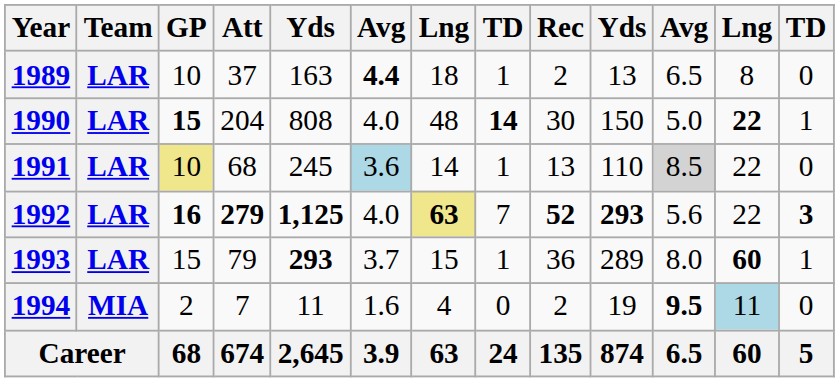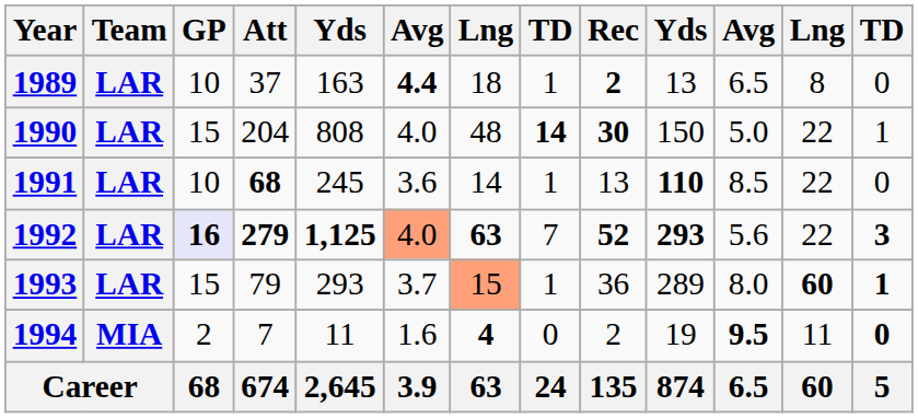 <table class="wikitable" style="text-align:center;">
 <tr>
 <th>Year</th>
 <th>Team</th>
 <th>GP</th>
 <th>Att</th>
 <th>Yds</th>
 <th>Avg</th>
 <th>Lng</th>
 <th>TD</th>
 <th>Rec</th>
 <th>Yds</th>
 <th>Avg</th>
 <th>Lng</th>
 <th>TD</th>
 </tr>
 <tr>
 <th><a href='#'>1989</a></th>
 <th><a href='#'>LAR</a></th>
 <td>10</td>
 <td>37</td>
 <td>163</td>
 <td><strong>4.4</strong></td>
 <td>18</td>
 <td>1</td>
-<td>2</td>
+<td><strong>2</strong></td>
 <td>13</td>
 <td>6.5</td>
 <td>8</td>
 <td>0</td>
 </tr>
 <tr>
 <th><a href='#'>1990</a></th>
 <th><a href='#'>LAR</a></th>
-<td><strong>15</strong></td>
+<td>15</td>
 <td>204</td>
 <td>808</td>
 <td>4.0</td>
 <td>48</td>
 <td><strong>14</strong></td>
-<td>30</td>
+<td><strong>30</strong></td>
 <td>150</td>
 <td>5.0</td>
-<td><strong>22</strong></td>
+<td>22</td>
 <td>1</td>
 </tr>
 <tr>
 <th><a href='#'>1991</a></th>
 <th><a href='#'>LAR</a></th>
-<td style="background: khaki;">10</td>
-<td>68</td>
+<td>10</td>
+<td><strong>68</strong></td>
 <td>245</td>
-<td style="background: lightblue;">3.6</td>
+<td>3.6</td>
 <td>14</td>
 <td>1</td>
 <td>13</td>
-<td>110</td>
-<td style="background: lightgrey;">8.5</td>
+<td><strong>110</strong></td>
+<td>8.5</td>
 <td>22</td>
 <td>0</td>
 </tr>
 <tr>
 <th><a href='#'>1992</a></th>
 <th><a href='#'>LAR</a></th>
-<td><strong>16</strong></td>
+<td style="background: lavender;"><strong>16</strong></td>
 <td><strong>279</strong></td>
 <td><strong>1,125</strong></td>
-<td>4.0</td>
-<td style="background: khaki;"><strong>63</strong></td>
+<td style="background: lightsalmon;">4.0</td>
+<td><strong>63</strong></td>
 <td>7</td>
 <td><strong>52</strong></td>
 <td><strong>293</strong></td>
 <td>5.6</td>
 <td>22</td>
 <td><strong>3</strong></td>
 </tr>
 <tr>
 <th><a href='#'>1993</a></th>
 <th><a href='#'>LAR</a></th>
 <td>15</td>
 <td>79</td>
-<td><strong>293</strong></td>
+<td>293</td>
 <td>3.7</td>
-<td>15</td>
+<td style="background: lightsalmon;">15</td>
 <td>1</td>
 <td>36</td>
 <td>289</td>
 <td>8.0</td>
 <td><strong>60</strong></td>
-<td>1</td>
+<td><strong>1</strong></td>
 </tr>
 <tr>
 <th><a href='#'>1994</a></th>
 <th><a href='#'>MIA</a></th>
 <td>2</td>
 <td>7</td>
 <td>11</td>
 <td>1.6</td>
-<td>4</td>
+<td><strong>4</strong></td>
 <td>0</td>
 <td>2</td>
 <td>19</td>
 <td><strong>9.5</strong></td>
-<td style="background: lightblue;">11</td>
-<td>0</td>
+<td>11</td>
+<td><strong>0</strong></td>
 </tr>
 <tr>
 <th colspan="2">Career</th>
 <th>68</th>
 <th>674</th>
 <th>2,645</th>
 <th>3.9</th>
 <th>63</th>
 <th>24</th>
 <th>135</th>
 <th>874</th>
 <th>6.5</th>
 <th>60</th>
 <th>5</th>
 </tr>
 </table>
